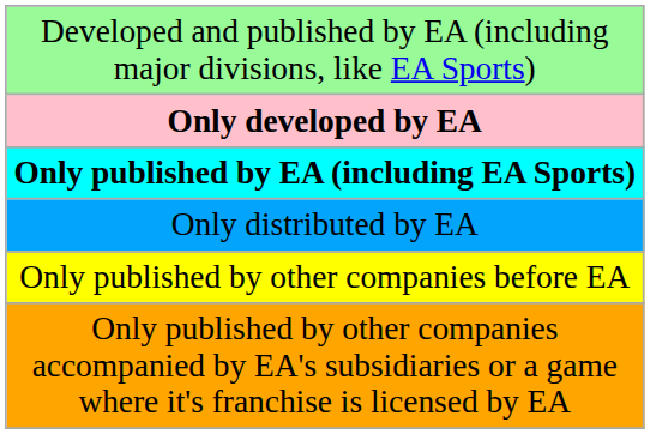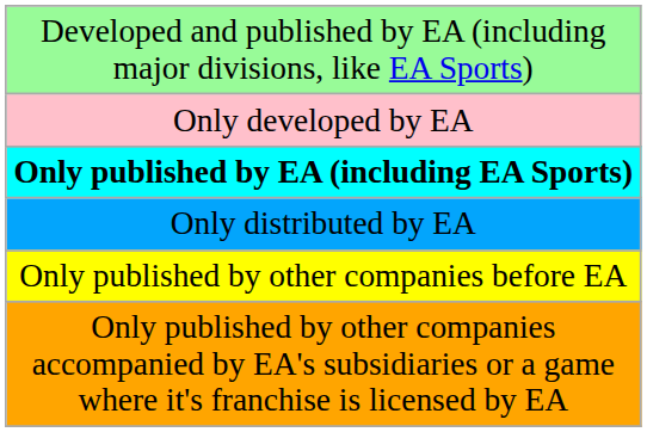 <table class="wikitable" style=width:50%;text-align:center>
 <tr>
 <td bgcolor=palegreen>Developed and published by EA (including major divisions, like <a href='#'>EA Sports</a>)</td>
 </tr>
 <tr>
-<td bgcolor=pink><strong>Only developed by EA</strong></td>
+<td bgcolor=pink>Only developed by EA</td>
 </tr>
 <tr>
 <td bgcolor=cyan><strong>Only published by EA (including EA Sports)</strong></td>
 </tr>
 <tr>
 <td bgcolor=#03a5fc>Only distributed by EA</td>
 </tr>
 <tr>
 <td bgcolor=yellow>Only published by other companies before EA</td>
 </tr>
 <tr>
 <td bgcolor=orange>Only published by other companies accompanied by EA's subsidiaries or a game where it's franchise is licensed by EA</td>
 </tr>
 </table>
